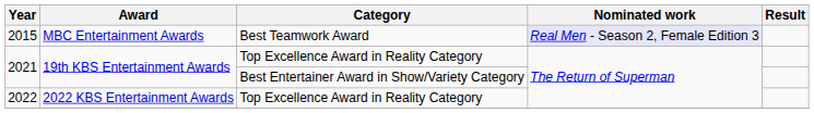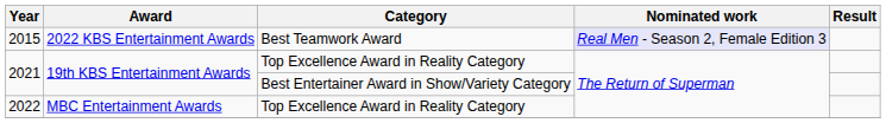 <table class="wikitable">
 <tr>
 <th>Year</th>
 <th>Award</th>
 <th>Category</th>
 <th>Nominated work</th>
 <th>Result</th>
 </tr>
 <tr>
 <td>2015</td>
-<td><a href='#'>MBC Entertainment Awards</a></td>
+<td><a href='#'>2022 KBS Entertainment Awards</a></td>
 <td>Best Teamwork Award</td>
 <td style="background: lavender;"><em><a href='#'>Real Men</a></em> - Season 2, Female Edition 3</td>
 <td></td>
 </tr>
 <tr>
 <td rowspan="2">2021</td>
 <td rowspan="2"><a href='#'>19th KBS Entertainment Awards</a></td>
 <td>Top Excellence Award in Reality Category</td>
 <td rowspan="3"><em><a href='#'>The Return of Superman</a></em></td>
 <td></td>
 </tr>
 <tr>
 <td>Best Entertainer Award in Show/Variety Category</td>
 <td></td>
 </tr>
 <tr>
 <td>2022</td>
-<td><a href='#'>2022 KBS Entertainment Awards</a></td>
+<td><a href='#'>MBC Entertainment Awards</a></td>
 <td>Top Excellence Award in Reality Category</td>
 <td></td>
 </tr>
 <tr>
 </tr>
 </table>
